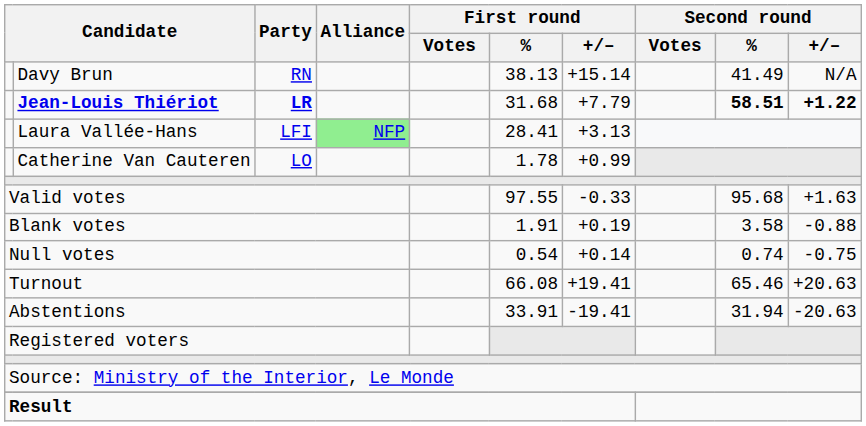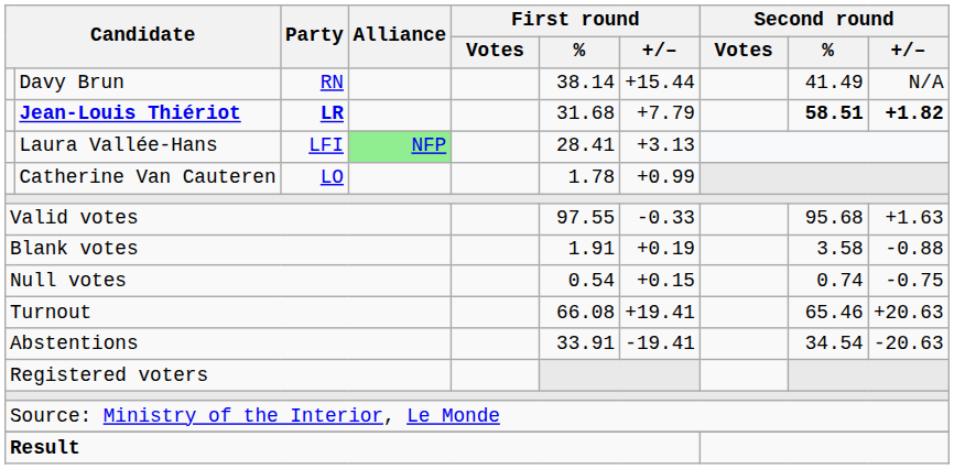 <table class="wikitable" style="text-align:right;font-size:95%;">
 <tr>
 <th rowspan="2" colspan="2">Candidate</th>
 <th rowspan="2">Party</th>
 <th rowspan="2">Alliance</th>
 <th colspan="3">First round</th>
 <th colspan="3">Second round</th>
 </tr>
 <tr>
 <th style="width:50px;">Votes</th>
 <th style="width:45px;">%</th>
 <th style="width:45px;">+/–</th>
 <th style="width:50px;">Votes</th>
 <th style="width:45px;">%</th>
 <th style="width:45px;">+/–</th>
 </tr>
 <tr>
 <td style="color:inherit;background:"></td>
 <td style="text-align:left;">Davy Brun</td>
 <td><a href='#'>RN</a></td>
 <td></td>
 <td></td>
-<td>38.13</td>
-<td>+15.14</td>
+<td>38.14</td>
+<td>+15.44</td>
 <td></td>
 <td>41.49</td>
 <td>N/A</td>
 </tr>
 <tr>
 <td style="color:inherit;background:"></td>
 <td style="text-align:left;"><strong><a href='#'>Jean-Louis Thiériot</a></strong></td>
 <td><a href='#'><strong>LR</strong></a></td>
 <td></td>
 <td></td>
 <td>31.68</td>
 <td>+7.79</td>
 <td><strong></strong></td>
 <td><strong>58.51</strong></td>
-<td><strong>+1.22</strong></td>
+<td><strong>+1.82</strong></td>
 </tr>
 <tr>
 <td style="color:inherit;background:"></td>
 <td style="text-align:left;">Laura Vallée-Hans</td>
 <td><a href='#'>LFI</a></td>
 <td style="background: lightgreen;"><a href='#'>NFP</a></td>
 <td></td>
 <td>28.41</td>
 <td>+3.13</td>
 <td colspan="3" style="background:#F8F9FA;"></td>
 </tr>
 <tr>
 <td style="color:inherit;background:"></td>
 <td style="text-align:left;">Catherine Van Cauteren</td>
 <td><a href='#'>LO</a></td>
 <td></td>
 <td></td>
 <td>1.78</td>
 <td>+0.99</td>
 <td colspan="3" style="background:#E9E9E9;"></td>
 </tr>
 <tr>
 <td colspan="10" style="background:#E9E9E9;"></td>
 </tr>
 <tr>
 <td colspan="4" style="text-align:left;">Valid votes</td>
 <td></td>
 <td>97.55</td>
 <td>-0.33</td>
 <td></td>
 <td>95.68</td>
 <td>+1.63</td>
 </tr>
 <tr>
 <td colspan="4" style="text-align:left;">Blank votes</td>
 <td></td>
 <td>1.91</td>
 <td>+0.19</td>
 <td></td>
 <td>3.58</td>
 <td>-0.88</td>
 </tr>
 <tr>
 <td colspan="4" style="text-align:left;">Null votes</td>
 <td></td>
 <td>0.54</td>
-<td>+0.14</td>
+<td>+0.15</td>
 <td></td>
 <td>0.74</td>
 <td>-0.75</td>
 </tr>
 <tr>
 <td colspan="4" style="text-align:left;">Turnout</td>
 <td></td>
 <td>66.08</td>
 <td>+19.41</td>
 <td></td>
 <td>65.46</td>
 <td>+20.63</td>
 </tr>
 <tr>
 <td colspan="4" style="text-align:left;">Abstentions</td>
 <td></td>
 <td>33.91</td>
 <td>-19.41</td>
 <td></td>
-<td>31.94</td>
+<td>34.54</td>
 <td>-20.63</td>
 </tr>
 <tr>
 <td colspan="4" style="text-align:left;">Registered voters</td>
 <td></td>
 <td colspan="2" style="background:#E9E9E9;"></td>
 <td></td>
 <td colspan="2" style="background:#E9E9E9;"></td>
 </tr>
 <tr>
 <td colspan="10" style="background:#E9E9E9;"></td>
 </tr>
 <tr>
 <td colspan="10" style="text-align:left;">Source: <a href='#'>Ministry of the Interior</a>, <a href='#'>Le Monde</a></td>
 </tr>
 <tr>
 </tr>
 <tr style="font-weight:bold">
 <td colspan="7" style="text-align:left;">Result</td>
 <td colspan="7" style="background-color:"></td>
 </tr>
 </table>
